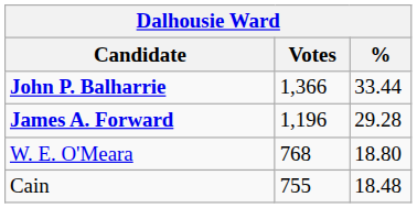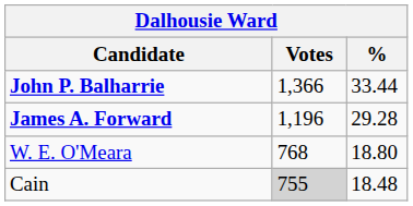 <table class="wikitable">
 <tr>
 <th colspan="3"><a href='#'>Dalhousie Ward</a></th>
 </tr>
 <tr>
 <th style="width: 200px">Candidate</th>
 <th style="width: 50px">Votes</th>
 <th style="width: 40px">%</th>
 </tr>
 <tr>
 <td><strong><a href='#'>John P. Balharrie</a></strong></td>
 <td>1,366</td>
 <td>33.44</td>
 </tr>
 <tr>
 <td><strong><a href='#'>James A. Forward</a></strong></td>
 <td>1,196</td>
 <td>29.28</td>
 </tr>
 <tr>
 <td><a href='#'>W. E. O'Meara</a></td>
 <td>768</td>
 <td>18.80</td>
 </tr>
 <tr>
 <td>Cain</td>
-<td>755</td>
+<td style="background: lightgrey;">755</td>
 <td>18.48</td>
 </tr>
 </table>
